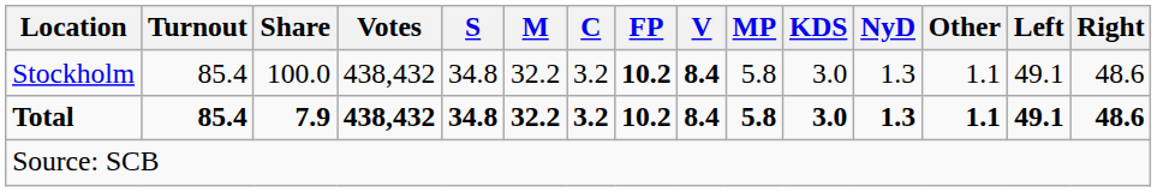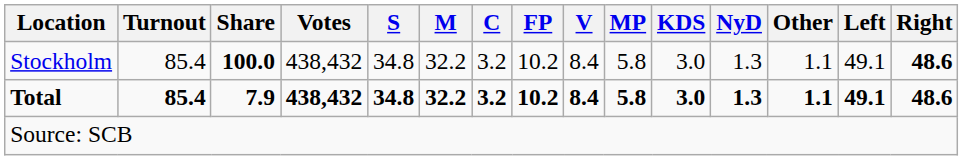 <table class="wikitable sortable" style=text-align:right>
 <tr>
 <th>Location</th>
 <th>Turnout</th>
 <th>Share</th>
 <th>Votes</th>
 <th><a href='#'>S</a></th>
 <th><a href='#'>M</a></th>
 <th><a href='#'>C</a></th>
 <th><a href='#'>FP</a></th>
 <th><a href='#'>V</a></th>
 <th><a href='#'>MP</a></th>
 <th><a href='#'>KDS</a></th>
 <th><a href='#'>NyD</a></th>
 <th>Other</th>
 <th>Left</th>
 <th>Right</th>
 </tr>
 <tr>
 <td align=left><a href='#'>Stockholm</a></td>
 <td>85.4</td>
-<td>100.0</td>
+<td><strong>100.0</strong></td>
 <td>438,432</td>
 <td>34.8</td>
 <td>32.2</td>
 <td>3.2</td>
-<td><strong>10.2</strong></td>
-<td><strong>8.4</strong></td>
+<td>10.2</td>
+<td>8.4</td>
 <td>5.8</td>
 <td>3.0</td>
 <td>1.3</td>
 <td>1.1</td>
 <td>49.1</td>
-<td>48.6</td>
+<td><strong>48.6</strong></td>
 </tr>
 <tr>
 <td align=left><strong>Total</strong></td>
 <td><strong>85.4</strong></td>
 <td><strong>7.9</strong></td>
 <td><strong>438,432</strong></td>
 <td><strong>34.8</strong></td>
 <td><strong>32.2</strong></td>
 <td><strong>3.2</strong></td>
 <td><strong>10.2</strong></td>
 <td><strong>8.4</strong></td>
 <td><strong>5.8</strong></td>
 <td><strong>3.0</strong></td>
 <td><strong>1.3</strong></td>
 <td><strong>1.1</strong></td>
 <td><strong>49.1</strong></td>
 <td><strong>48.6</strong></td>
 </tr>
 <tr>
 <td align=left colspan=15>Source: SCB </td>
 </tr>
 </table>
